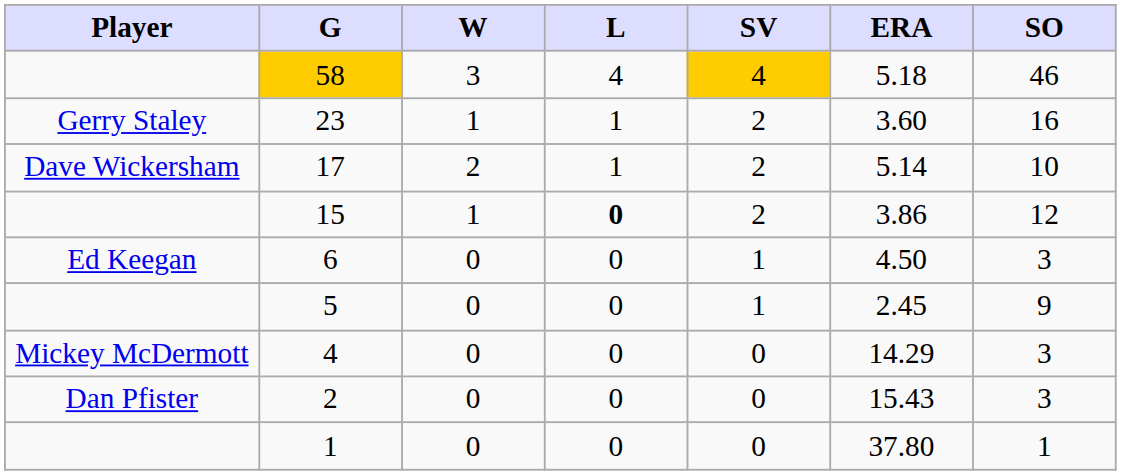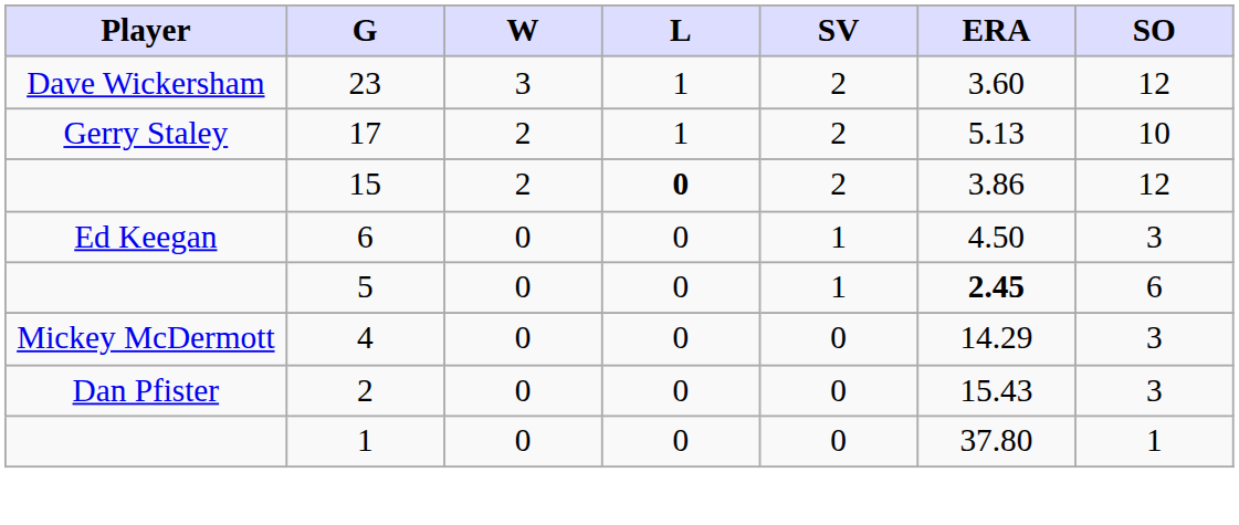 <table class="wikitable sortable">
 <tr>
 <th style="background:#ddf; width:16%;">Player</th>
 <th style="background:#ddf; width:9%;">G</th>
 <th style="background:#ddf; width:9%;">W</th>
 <th style="background:#ddf; width:9%;">L</th>
 <th style="background:#ddf; width:9%;">SV</th>
 <th style="background:#ddf; width:9%;">ERA</th>
 <th style="background:#ddf; width:9%;">SO</th>
 </tr>
 <tr style="text-align:center;">
-<td></td>
-<td style="background:#fc0;">58</td>
+<td><a href='#'>Dave Wickersham</a></td>
+<td>23</td>
 <td>3</td>
-<td>4</td>
-<td style="background:#fc0;">4</td>
-<td>5.18</td>
-<td>46</td>
-</tr>
-<tr style="text-align:center;">
-<td><a href='#'>Gerry Staley</a></td>
-<td>23</td>
-<td>1</td>
 <td>1</td>
 <td>2</td>
 <td>3.60</td>
-<td>16</td>
+<td>12</td>
 </tr>
 <tr align="center">
-<td><a href='#'>Dave Wickersham</a></td>
+<td><a href='#'>Gerry Staley</a></td>
 <td>17</td>
 <td>2</td>
 <td>1</td>
 <td>2</td>
-<td>5.14</td>
+<td>5.13</td>
 <td>10</td>
 </tr>
 <tr align="center">
 <td></td>
 <td>15</td>
-<td>1</td>
+<td>2</td>
 <td><strong>0</strong></td>
 <td>2</td>
 <td>3.86</td>
 <td>12</td>
 </tr>
 <tr style="text-align:center;">
 <td><a href='#'>Ed Keegan</a></td>
 <td>6</td>
 <td>0</td>
 <td>0</td>
 <td>1</td>
 <td>4.50</td>
 <td>3</td>
 </tr>
 <tr align="center">
 <td></td>
 <td>5</td>
 <td>0</td>
 <td>0</td>
 <td>1</td>
-<td>2.45</td>
-<td>9</td>
+<td><strong>2.45</strong></td>
+<td>6</td>
 </tr>
 <tr style="text-align:center;">
 <td><a href='#'>Mickey McDermott</a></td>
 <td>4</td>
 <td>0</td>
 <td>0</td>
 <td>0</td>
 <td>14.29</td>
 <td>3</td>
 </tr>
 <tr align="center">
 <td><a href='#'>Dan Pfister</a></td>
 <td>2</td>
 <td>0</td>
 <td>0</td>
 <td>0</td>
 <td>15.43</td>
 <td>3</td>
 </tr>
 <tr align="center">
 <td></td>
 <td>1</td>
 <td>0</td>
 <td>0</td>
 <td>0</td>
 <td>37.80</td>
 <td>1</td>
 </tr>
 </table>
